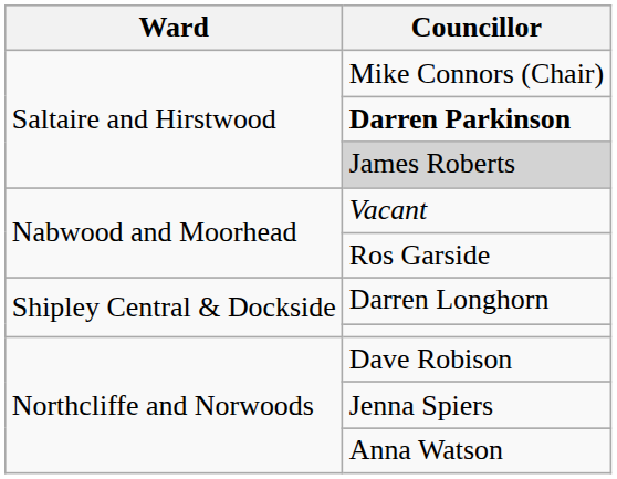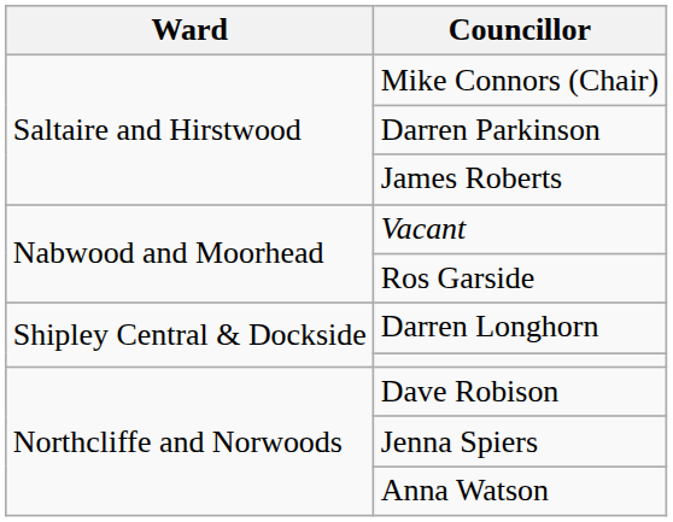 <table class="wikitable">
 <tr>
 <th>Ward</th>
 <th>Councillor</th>
 </tr>
 <tr>
 <td rowspan="3">Saltaire and Hirstwood</td>
 <td>Mike Connors (Chair)</td>
 </tr>
 <tr>
-<td><strong>Darren Parkinson</strong></td>
+<td>Darren Parkinson</td>
 </tr>
 <tr>
-<td style="background: lightgrey;">James Roberts</td>
+<td>James Roberts</td>
 </tr>
 <tr>
 <td rowspan="2">Nabwood and Moorhead</td>
 <td><em>Vacant</em></td>
 </tr>
 <tr>
 <td>Ros Garside</td>
 </tr>
 <tr>
 <td rowspan="2">Shipley Central & Dockside</td>
 <td>Darren Longhorn</td>
 </tr>
 <tr>
 <td></td>
 </tr>
 <tr>
 <td rowspan="3">Northcliffe and Norwoods</td>
 <td>Dave Robison</td>
 </tr>
 <tr>
 <td>Jenna Spiers</td>
 </tr>
 <tr>
 <td>Anna Watson</td>
 </tr>
 </table>
